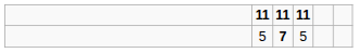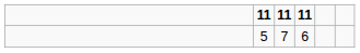 <table class="wikitable">
 <tr>
 <td style="width:18em"><strong></strong></td>
 <td align=center style="width:1em"><strong>11</strong></td>
 <td align=center style="width:1em"><strong>11</strong></td>
 <td align=center style="width:1em"><strong>11</strong></td>
 <td align=center style="width:1em"></td>
 <td align=center style="width:1em"></td>
 </tr>
 <tr>
 <td style="width:18em"></td>
 <td align=center style="width:1em">5</td>
-<td align=center style="width:1em"><strong>7</strong></td>
-<td align=center style="width:1em">5</td>
+<td align=center style="width:1em">7</td>
+<td align=center style="width:1em">6</td>
 <td align=center style="width:1em"></td>
 <td align=center style="width:1em"></td>
 </tr>
 </table>
